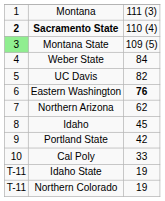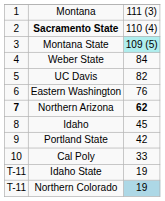 <table class="wikitable" style="display: inline-table;">
 <tr align="center">
 </tr>
 <tr align="center">
 <td>1</td>
 <td>Montana</td>
 <td>111 (3)</td>
 </tr>
 <tr align="center">
-<td><strong>2</strong></td>
+<td>2</td>
 <td><strong>Sacramento State</strong></td>
 <td>110 (4)</td>
 </tr>
 <tr align="center">
-<td style="background: lightgreen;">3</td>
+<td>3</td>
 <td>Montana State</td>
-<td>109 (5)</td>
+<td style="background: paleturquoise;">109 (5)</td>
 </tr>
 <tr align="center">
 <td>4</td>
 <td>Weber State</td>
 <td>84</td>
 </tr>
 <tr align="center">
 <td>5</td>
 <td>UC Davis</td>
 <td>82</td>
 </tr>
 <tr align="center">
 <td>6</td>
 <td>Eastern Washington</td>
-<td><strong>76</strong></td>
+<td>76</td>
 </tr>
 <tr align="center">
-<td>7</td>
+<td><strong>7</strong></td>
 <td>Northern Arizona</td>
-<td>62</td>
+<td><strong>62</strong></td>
 </tr>
 <tr align="center">
 <td>8</td>
 <td>Idaho</td>
 <td>45</td>
 </tr>
 <tr align="center">
 <td>9</td>
 <td>Portland State</td>
 <td>42</td>
 </tr>
 <tr align="center">
 <td>10</td>
 <td>Cal Poly</td>
 <td>33</td>
 </tr>
 <tr align="center">
 <td>T-11</td>
 <td>Idaho State</td>
 <td>19</td>
 </tr>
 <tr align="center">
 <td>T-11</td>
 <td>Northern Colorado</td>
-<td>19</td>
+<td style="background: lightblue;">19</td>
 </tr>
 </table>
